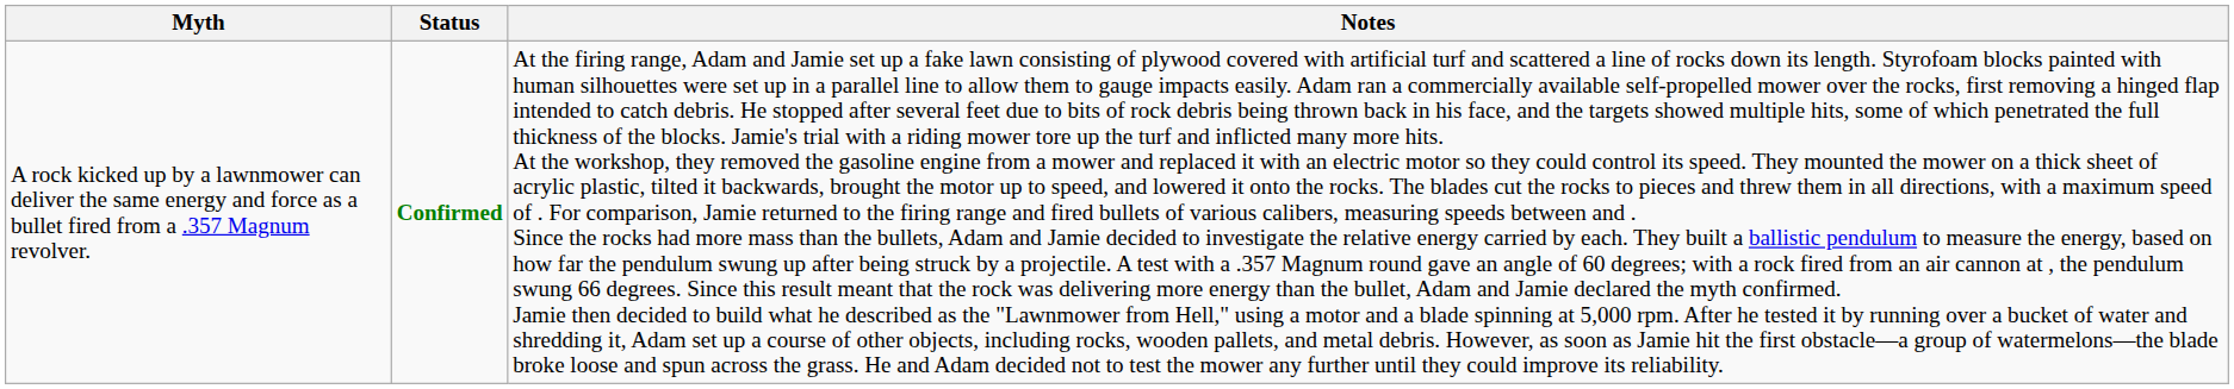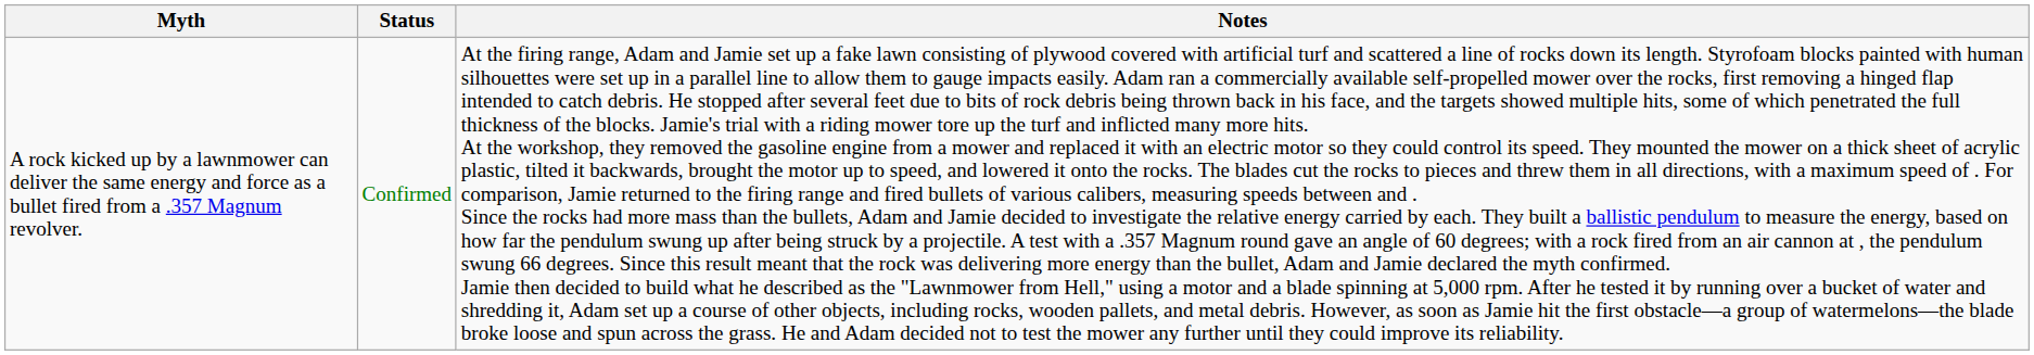 <table class="wikitable plainrowheaders">
 <tr>
 <th scope"col">Myth</th>
 <th scope"col">Status</th>
 <th scope"col">Notes</th>
 </tr>
 <tr>
 <td scope"row">A rock kicked up by a lawnmower can deliver the same energy and force as a bullet fired from a <a href='#'>.357 Magnum</a> revolver.</td>
-<td style="color:green"><strong>Confirmed</strong></td>
+<td style="color:green">Confirmed</td>
 <td>At the firing range, Adam and Jamie set up a fake lawn consisting of plywood covered with artificial turf and scattered a line of rocks down its length. Styrofoam blocks painted with human silhouettes were set up in a parallel line to allow them to gauge impacts easily. Adam ran a commercially available self-propelled mower over the rocks, first removing a hinged flap intended to catch debris. He stopped after several feet due to bits of rock debris being thrown back in his face, and the targets showed multiple hits, some of which penetrated the full thickness of the blocks. Jamie's trial with a riding mower tore up the turf and inflicted many more hits.<br>At the workshop, they removed the gasoline engine from a mower and replaced it with an electric motor so they could control its speed. They mounted the mower on a thick sheet of acrylic plastic, tilted it backwards, brought the motor up to speed, and lowered it onto the rocks. The blades cut the rocks to pieces and threw them in all directions, with a maximum speed of . For comparison, Jamie returned to the firing range and fired bullets of various calibers, measuring speeds between  and .<br>Since the rocks had more mass than the bullets, Adam and Jamie decided to investigate the relative energy carried by each. They built a <a href='#'>ballistic pendulum</a> to measure the energy, based on how far the pendulum swung up after being struck by a projectile. A test with a .357 Magnum round gave an angle of 60 degrees; with a rock fired from an air cannon at , the pendulum swung 66 degrees. Since this result meant that the rock was delivering more energy than the bullet, Adam and Jamie declared the myth confirmed.<br>Jamie then decided to build what he described as the "Lawnmower from Hell," using a  motor and a  blade spinning at 5,000 rpm. After he tested it by running over a bucket of water and shredding it, Adam set up a course of other objects, including rocks, wooden pallets, and metal debris. However, as soon as Jamie hit the first obstacle—a group of watermelons—the blade broke loose and spun across the grass. He and Adam decided not to test the mower any further until they could improve its reliability.</td>
 </tr>
 </table>
